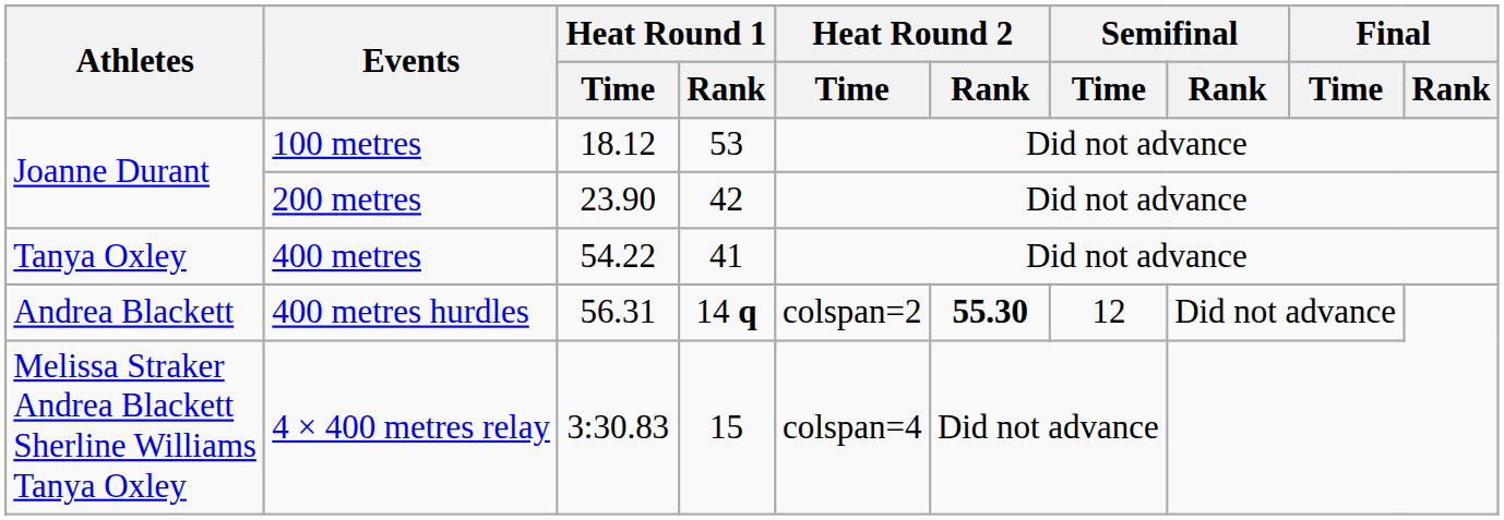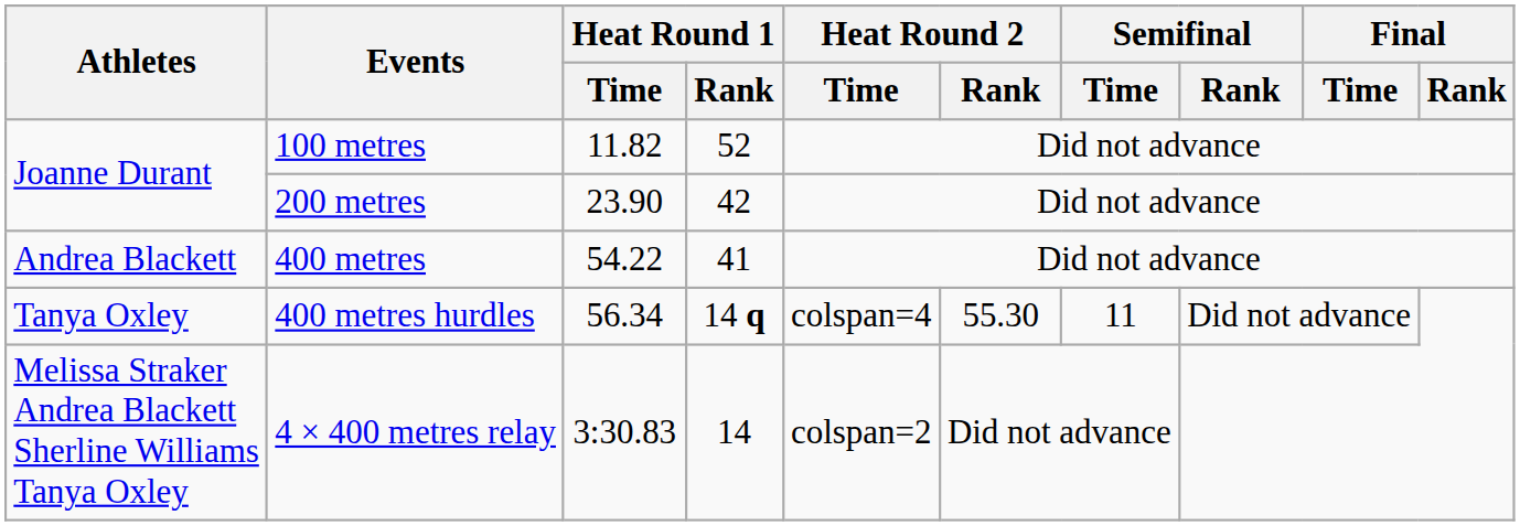 <table class=wikitable style=font-size:90%>
 <tr>
 <th rowspan=2>Athletes</th>
 <th rowspan=2>Events</th>
 <th colspan=2>Heat Round 1</th>
 <th colspan=2>Heat Round 2</th>
 <th colspan=2>Semifinal</th>
 <th colspan=2>Final</th>
 </tr>
 <tr>
 <th>Time</th>
 <th>Rank</th>
 <th>Time</th>
 <th>Rank</th>
 <th>Time</th>
 <th>Rank</th>
 <th>Time</th>
 <th>Rank</th>
 </tr>
 <tr>
 <td rowspan=2><a href='#'>Joanne Durant</a></td>
 <td><a href='#'>100 metres</a></td>
-<td align=center>18.12</td>
-<td align=center>53</td>
+<td align=center>11.82</td>
+<td align=center>52</td>
 <td align=center colspan=6>Did not advance</td>
 </tr>
 <tr>
 <td><a href='#'>200 metres</a></td>
 <td align=center>23.90</td>
 <td align=center>42</td>
 <td align=center colspan=6>Did not advance</td>
 </tr>
 <tr>
-<td><a href='#'>Tanya Oxley</a></td>
+<td><a href='#'>Andrea Blackett</a></td>
 <td><a href='#'>400 metres</a></td>
 <td align=center>54.22</td>
 <td align=center>41</td>
 <td align=center colspan=6>Did not advance</td>
 </tr>
 <tr>
-<td><a href='#'>Andrea Blackett</a></td>
+<td><a href='#'>Tanya Oxley</a></td>
 <td><a href='#'>400 metres hurdles</a></td>
-<td align=center>56.31</td>
+<td align=center>56.34</td>
 <td align=center>14 <strong>q</strong></td>
-<td>colspan=2</td>
-<td align=center><strong>55.30</strong></td>
-<td align=center>12</td>
+<td>colspan=4</td>
+<td align=center>55.30</td>
+<td align=center>11</td>
 <td align=center colspan=2>Did not advance</td>
 </tr>
 <tr>
 <td><a href='#'>Melissa Straker</a><br><a href='#'>Andrea Blackett</a><br><a href='#'>Sherline Williams</a><br><a href='#'>Tanya Oxley</a></td>
 <td rowspan=2><a href='#'>4 × 400 metres relay</a></td>
 <td align=center>3:30.83</td>
-<td align=center>15</td>
-<td>colspan=4</td>
+<td align=center>14</td>
+<td>colspan=2</td>
 <td align=center colspan=2>Did not advance</td>
 </tr>
 </table>
